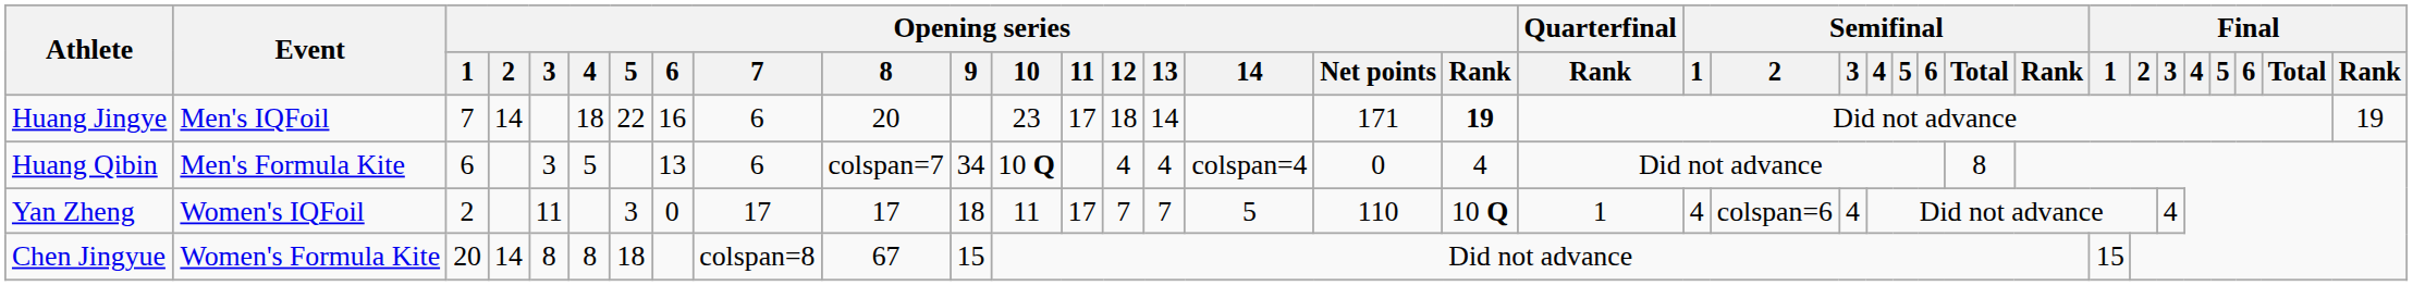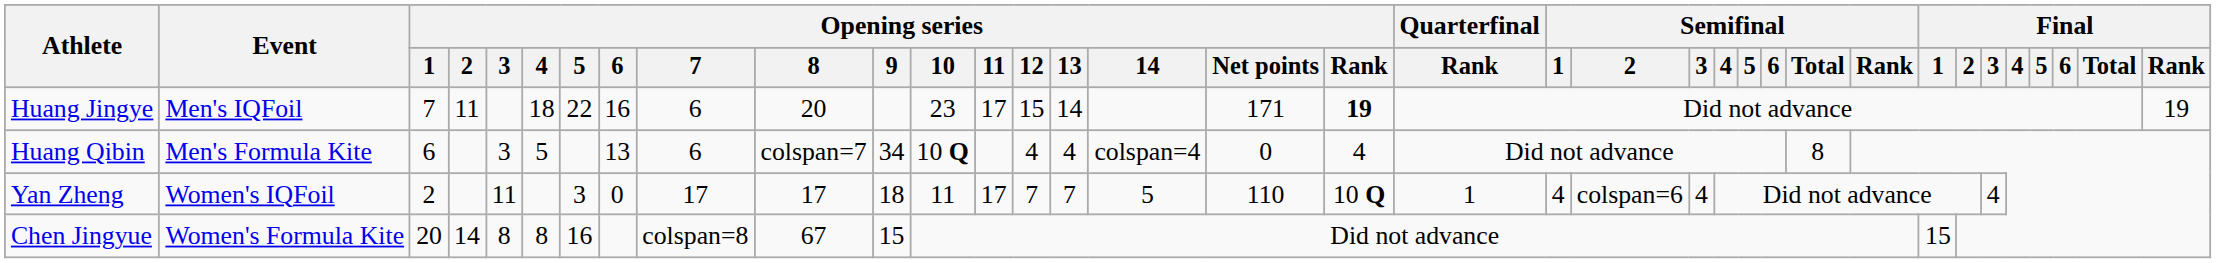 <table class="wikitable" style="font-size:90%">
 <tr>
 <th rowspan=2>Athlete</th>
 <th rowspan=2>Event</th>
 <th colspan=16>Opening series</th>
 <th>Quarterfinal</th>
 <th colspan=8>Semifinal</th>
 <th colspan=8>Final</th>
 </tr>
 <tr style="font-size:95%">
 <th>1</th>
 <th>2</th>
 <th>3</th>
 <th>4</th>
 <th>5</th>
 <th>6</th>
 <th>7</th>
 <th>8</th>
 <th>9</th>
 <th>10</th>
 <th>11</th>
 <th>12</th>
 <th>13</th>
 <th>14</th>
 <th>Net points</th>
 <th>Rank</th>
 <th>Rank</th>
 <th>1</th>
 <th>2</th>
 <th>3</th>
 <th>4</th>
 <th>5</th>
 <th>6</th>
 <th>Total</th>
 <th>Rank</th>
 <th>1</th>
 <th>2</th>
 <th>3</th>
 <th>4</th>
 <th>5</th>
 <th>6</th>
 <th>Total</th>
 <th>Rank</th>
 </tr>
 <tr align=center>
 <td align=left><a href='#'>Huang Jingye</a></td>
 <td align=left><a href='#'>Men's IQFoil</a></td>
 <td>7</td>
-<td>14</td>
+<td>11</td>
 <td></td>
 <td>18</td>
 <td>22</td>
 <td>16</td>
 <td>6</td>
 <td>20</td>
 <td></td>
 <td>23</td>
 <td>17</td>
-<td>18</td>
+<td>15</td>
 <td>14</td>
 <td></td>
 <td>171</td>
 <td><strong>19</strong></td>
 <td colspan=16>Did not advance</td>
 <td>19</td>
 </tr>
 <tr align=center>
 <td align=left><a href='#'>Huang Qibin</a></td>
 <td align=left><a href='#'>Men's Formula Kite</a></td>
 <td>6</td>
 <td></td>
 <td>3</td>
 <td>5</td>
 <td></td>
 <td>13</td>
 <td>6</td>
 <td>colspan=7 </td>
 <td>34</td>
 <td>10 <strong>Q</strong></td>
 <td></td>
 <td>4</td>
 <td>4<br></td>
 <td>colspan=4 </td>
 <td>0</td>
 <td>4</td>
 <td colspan=7>Did not advance</td>
 <td>8</td>
 </tr>
 <tr align=center>
 <td align=left><a href='#'>Yan Zheng</a></td>
 <td align=left><a href='#'>Women's IQFoil</a></td>
 <td>2</td>
 <td></td>
 <td>11</td>
 <td></td>
 <td>3</td>
 <td>0</td>
 <td>17</td>
 <td>17</td>
 <td>18</td>
 <td>11</td>
 <td>17</td>
 <td>7</td>
 <td>7</td>
 <td>5</td>
 <td>110</td>
 <td>10 <strong>Q</strong></td>
 <td>1</td>
 <td>4</td>
 <td>colspan=6 </td>
 <td>4</td>
 <td colspan=7>Did not advance</td>
 <td>4</td>
 </tr>
 <tr align=center>
 <td align=left><a href='#'>Chen Jingyue</a></td>
 <td align=left><a href='#'>Women's Formula Kite</a></td>
 <td>20</td>
 <td>14</td>
 <td>8</td>
 <td>8</td>
-<td>18</td>
+<td>16</td>
 <td></td>
 <td>colspan=8 </td>
 <td>67</td>
 <td>15</td>
 <td colspan=16>Did not advance</td>
 <td>15</td>
 </tr>
 </table>
